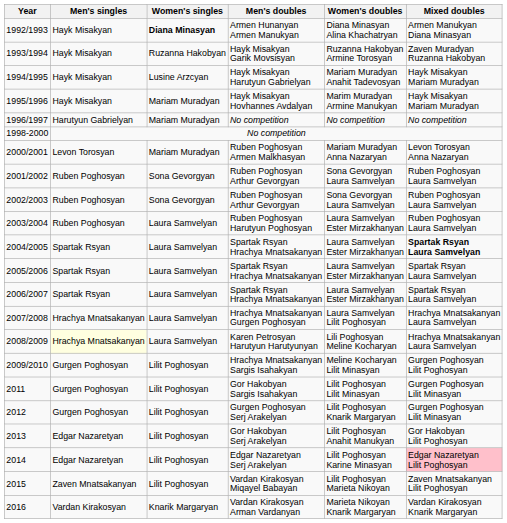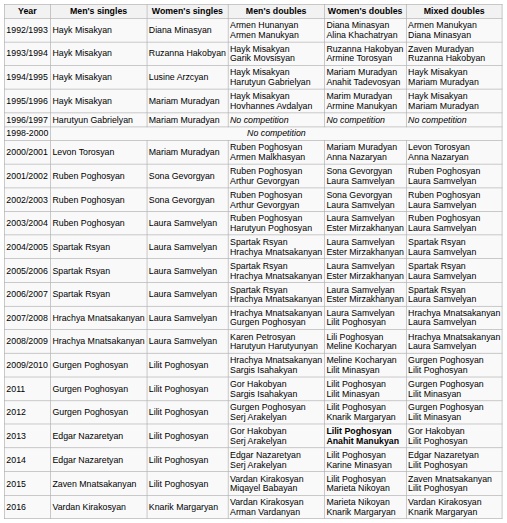 <table class=wikitable style="font-size:90%;">
 <tr>
 <th>Year</th>
 <th>Men's singles</th>
 <th>Women's singles</th>
 <th>Men's doubles</th>
 <th>Women's doubles</th>
 <th>Mixed doubles</th>
 </tr>
 <tr>
 <td>1992/1993</td>
 <td>Hayk Misakyan</td>
-<td><strong>Diana Minasyan</strong></td>
+<td>Diana Minasyan</td>
 <td>Armen Hunanyan <br> Armen Manukyan</td>
 <td>Diana Minasyan <br> Alina Khachatryan</td>
 <td>Armen Manukyan <br> Diana Minasyan</td>
 </tr>
 <tr>
 <td>1993/1994</td>
 <td>Hayk Misakyan</td>
 <td>Ruzanna Hakobyan</td>
 <td>Hayk Misakyan <br> Garik Movsisyan</td>
 <td>Ruzanna Hakobyan <br> Armine Torosyan</td>
 <td>Zaven Muradyan <br> Ruzanna Hakobyan</td>
 </tr>
 <tr>
 <td>1994/1995</td>
 <td>Hayk Misakyan</td>
 <td>Lusine Arzcyan</td>
 <td>Hayk Misakyan <br> Harutyun Gabrielyan</td>
 <td>Mariam Muradyan <br> Anahit Tadevosyan</td>
 <td>Hayk Misakyan <br> Mariam Muradyan</td>
 </tr>
 <tr>
 <td>1995/1996</td>
 <td>Hayk Misakyan</td>
 <td>Mariam Muradyan</td>
 <td>Hayk Misakyan <br> Hovhannes Avdalyan</td>
 <td>Marim Muradyan <br> Armine Manukyan</td>
 <td>Hayk Misakyan <br> Mariam Muradyan</td>
 </tr>
 <tr>
 <td>1996/1997</td>
 <td>Harutyun Gabrielyan</td>
 <td>Mariam Muradyan</td>
 <td><em>No competition</em></td>
 <td><em>No competition</em></td>
 <td><em>No competition</em></td>
 </tr>
 <tr>
 <td>1998-2000</td>
 <td colspan=5 align=center><em>No competition</em></td>
 </tr>
 <tr>
 <td>2000/2001</td>
 <td>Levon Torosyan</td>
 <td>Mariam Muradyan</td>
 <td>Ruben Poghosyan <br> Armen Malkhasyan</td>
 <td>Mariam Muradyan <br> Anna Nazaryan</td>
 <td>Levon Torosyan <br> Anna Nazaryan</td>
 </tr>
 <tr>
 <td>2001/2002</td>
 <td>Ruben Poghosyan</td>
 <td>Sona Gevorgyan</td>
 <td>Ruben Poghosyan <br> Arthur Gevorgyan</td>
 <td>Sona Gevorgyan <br> Laura Samvelyan</td>
 <td>Ruben Poghosyan <br> Laura Samvelyan</td>
 </tr>
 <tr>
 <td>2002/2003</td>
 <td>Ruben Poghosyan</td>
 <td>Sona Gevorgyan</td>
 <td>Ruben Poghosyan <br> Arthur Gevorgyan</td>
 <td>Sona Gevorgyan <br> Laura Samvelyan</td>
 <td>Ruben Poghosyan <br> Laura Samvelyan</td>
 </tr>
 <tr>
 <td>2003/2004</td>
 <td>Ruben Poghosyan</td>
 <td>Laura Samvelyan</td>
 <td>Ruben Poghosyan <br> Harutyun Poghosyan</td>
 <td>Laura Samvelyan <br> Ester Mirzakhanyan</td>
 <td>Ruben Poghosyan <br> Laura Samvelyan</td>
 </tr>
 <tr>
 <td>2004/2005</td>
 <td>Spartak Rsyan</td>
 <td>Laura Samvelyan</td>
 <td>Spartak Rsyan <br> Hrachya Mnatsakanyan</td>
 <td>Laura Samvelyan <br> Ester Mirzakhanyan</td>
-<td><strong>Spartak Rsyan <br> Laura Samvelyan</strong></td>
+<td>Spartak Rsyan <br> Laura Samvelyan</td>
 </tr>
 <tr>
 <td>2005/2006</td>
 <td>Spartak Rsyan</td>
 <td>Laura Samvelyan</td>
 <td>Spartak Rsyan <br> Hrachya Mnatsakanyan</td>
 <td>Laura Samvelyan <br> Ester Mirzakhanyan</td>
 <td>Spartak Rsyan <br> Laura Samvelyan</td>
 </tr>
 <tr>
 <td>2006/2007</td>
 <td>Spartak Rsyan</td>
 <td>Laura Samvelyan</td>
 <td>Spartak Rsyan <br> Hrachya Mnatsakanyan</td>
 <td>Laura Samvelyan <br> Ester Mirzakhanyan</td>
 <td>Spartak Rsyan <br> Laura Samvelyan</td>
 </tr>
 <tr>
 <td>2007/2008</td>
 <td>Hrachya Mnatsakanyan</td>
 <td>Laura Samvelyan</td>
 <td>Hrachya Mnatsakanyan <br> Gurgen Poghosyan</td>
 <td>Laura Samvelyan <br> Lilit Poghosyan</td>
 <td>Hrachya Mnatsakanyan <br> Laura Samvelyan</td>
 </tr>
 <tr>
 <td>2008/2009</td>
-<td style="background: lightyellow;">Hrachya Mnatsakanyan</td>
+<td>Hrachya Mnatsakanyan</td>
 <td>Laura Samvelyan</td>
 <td>Karen Petrosyan <br> Harutyun Harutyunyan</td>
 <td>Lili Poghosyan <br> Meline Kocharyan</td>
 <td>Hrachya Mnatsakanyan <br> Laura Samvelyan</td>
 </tr>
 <tr>
 <td>2009/2010</td>
 <td>Gurgen Poghosyan</td>
 <td>Lilit Poghosyan</td>
 <td>Hrachya Mnatsakanyan <br> Sargis Isahakyan</td>
 <td>Meline Kocharyan <br> Lilit Minasyan</td>
 <td>Gurgen Poghosyan <br> Lilit Poghosyan</td>
 </tr>
 <tr>
 <td>2011</td>
 <td>Gurgen Poghosyan</td>
 <td>Lilit Poghosyan</td>
 <td>Gor Hakobyan <br> Sargis Isahakyan</td>
 <td>Lilit Poghosyan <br> Lilit Minasyan</td>
 <td>Gurgen Poghosyan <br> Lilit Minasyan</td>
 </tr>
 <tr>
 <td>2012</td>
 <td>Gurgen Poghosyan</td>
 <td>Lilit Poghosyan</td>
 <td>Gurgen Poghosyan <br> Serj Arakelyan</td>
 <td>Lilit Poghosyan <br> Knarik Margaryan</td>
 <td>Gurgen Poghosyan <br> Lilit Minasyan</td>
 </tr>
 <tr>
 <td>2013</td>
 <td>Edgar Nazaretyan</td>
 <td>Lilit Poghosyan</td>
 <td>Gor Hakobyan <br> Serj Arakelyan</td>
-<td>Lilit Poghosyan <br> Anahit Manukyan</td>
+<td><strong>Lilit Poghosyan <br> Anahit Manukyan</strong></td>
 <td>Gor Hakobyan <br> Lilit Poghosyan</td>
 </tr>
 <tr>
 <td>2014</td>
 <td>Edgar Nazaretyan</td>
 <td>Lilit Poghosyan</td>
 <td>Edgar Nazaretyan <br> Serj Arakelyan</td>
 <td>Lilit Poghosyan <br> Karine Minasyan</td>
-<td style="background: pink;">Edgar Nazaretyan <br> Lilit Poghosyan</td>
+<td>Edgar Nazaretyan <br> Lilit Poghosyan</td>
 </tr>
 <tr>
 <td>2015</td>
 <td>Zaven Mnatsakanyan</td>
 <td>Lilit Poghosyan</td>
 <td>Vardan Kirakosyan <br> Miqayel Babayan</td>
 <td>Lilit Poghosyan <br> Marieta Nikoyan</td>
 <td>Zaven Mnatsakanyan <br> Lilit Poghosyan</td>
 </tr>
 <tr>
 <td>2016</td>
 <td>Vardan Kirakosyan</td>
 <td>Knarik Margaryan</td>
 <td>Vardan Kirakosyan <br> Arman Vardanyan</td>
 <td>Marieta Nikoyan <br> Knarik Margaryan</td>
 <td>Vardan Kirakosyan <br> Knarik Margaryan</td>
 </tr>
 </table>
